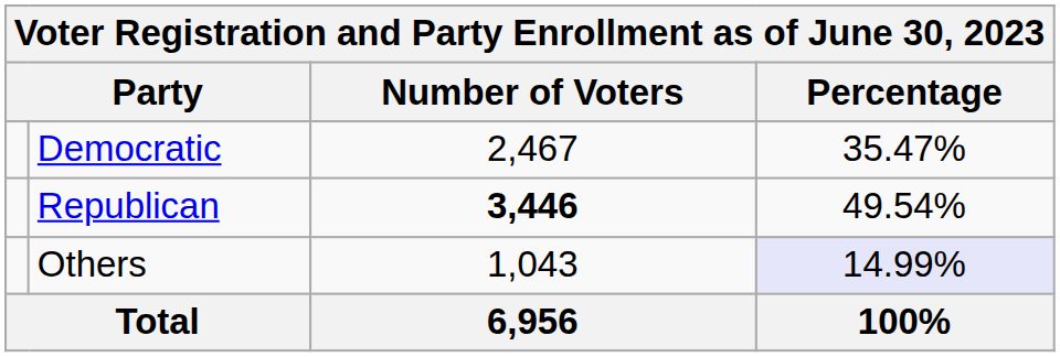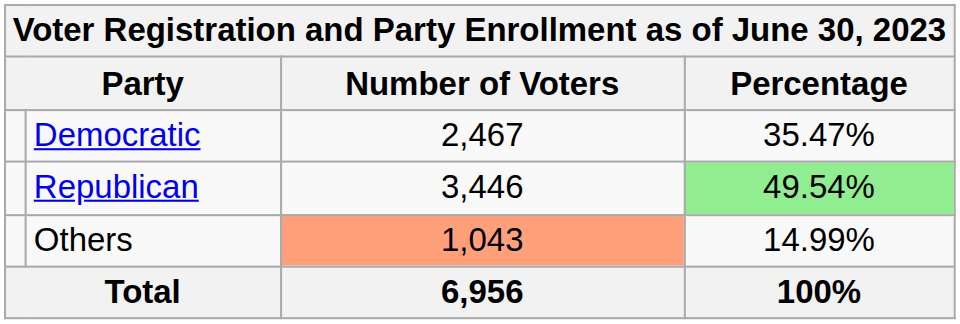 <table class=wikitable>
 <tr>
 <th colspan = 6>Voter Registration and Party Enrollment as of June 30, 2023</th>
 </tr>
 <tr>
 <th colspan = 2>Party</th>
 <th>Number of Voters</th>
 <th>Percentage</th>
 </tr>
 <tr>
 <td></td>
 <td><a href='#'>Democratic</a></td>
 <td align = center>2,467</td>
 <td align = center>35.47%</td>
 </tr>
 <tr>
 <td></td>
 <td><a href='#'>Republican</a></td>
-<td align = center><strong>3,446</strong></td>
-<td align = center>49.54%</td>
+<td align = center>3,446</td>
+<td align = center style="background: lightgreen;">49.54%</td>
 </tr>
 <tr>
 <td></td>
 <td>Others</td>
-<td align = center>1,043</td>
-<td align = center style="background: lavender;">14.99%</td>
+<td align = center style="background: lightsalmon;">1,043</td>
+<td align = center>14.99%</td>
 </tr>
 <tr>
 <th colspan = 2>Total</th>
 <th align = center>6,956</th>
 <th align = center>100%</th>
 </tr>
 </table>
